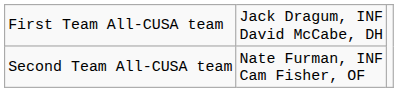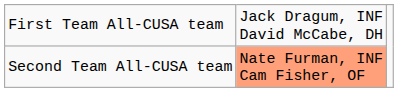 <table class="wikitable">
 <tr>
 <td>First Team All-CUSA team</td>
 <td>Jack Dragum, INF<br>David McCabe, DH</td>
 <td rowspan=2></td>
 </tr>
 <tr>
 <td>Second Team All-CUSA team</td>
-<td>Nate Furman, INF<br>Cam Fisher, OF</td>
+<td style="background: lightsalmon;">Nate Furman, INF<br>Cam Fisher, OF</td>
 </tr>
 </table>
